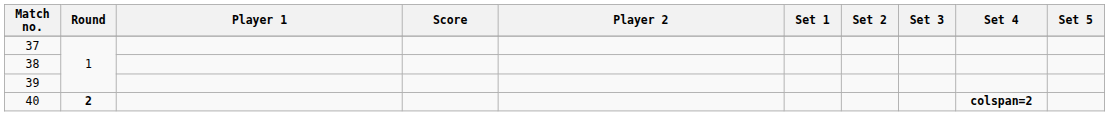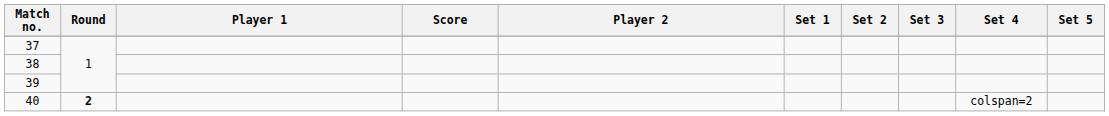 <table class="wikitable" style="text-align: center;">
 <tr>
 <th width="2%">Match no.</th>
 <th width="2%">Round</th>
 <th width="15%">Player 1</th>
 <th width="5%">Score</th>
 <th width="15%">Player 2</th>
 <th width="3%">Set 1</th>
 <th width="3%">Set 2</th>
 <th width="3%">Set 3</th>
 <th width="3%">Set 4</th>
 <th width="3%">Set 5</th>
 </tr>
 <tr>
 </tr>
 <tr style=text-align:center;>
 <td>37</td>
 <td rowspan=3>1</td>
 <td></td>
 <td></td>
 <td></td>
 <td></td>
 <td></td>
 <td></td>
 <td></td>
 <td></td>
 </tr>
 <tr style=text-align:center;>
 <td>38</td>
 <td></td>
 <td></td>
 <td></td>
 <td></td>
 <td></td>
 <td></td>
 <td></td>
 <td></td>
 </tr>
 <tr style=text-align:center;>
 <td>39</td>
 <td></td>
 <td></td>
 <td></td>
 <td></td>
 <td></td>
 <td></td>
 <td></td>
 <td></td>
 </tr>
 <tr style=text-align:center;>
 <td>40</td>
 <td><strong>2</strong></td>
 <td></td>
 <td></td>
 <td></td>
 <td></td>
 <td></td>
 <td></td>
-<td><strong>colspan=2</strong></td>
+<td>colspan=2</td>
 </tr>
 </table>
